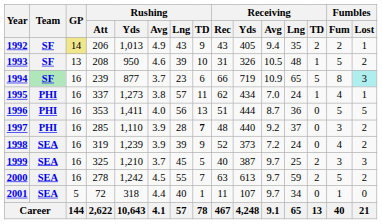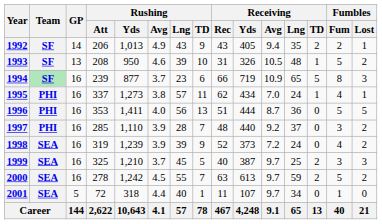 <table class="wikitable" style="text-align: center;">
 <tr>
 <th rowspan="2">Year</th>
 <th rowspan="2">Team</th>
 <th rowspan="2">GP</th>
 <th colspan="5">Rushing</th>
 <th colspan="5">Receiving</th>
 <th colspan="2">Fumbles</th>
 </tr>
 <tr>
 <th>Att</th>
 <th>Yds</th>
 <th>Avg</th>
 <th>Lng</th>
 <th>TD</th>
 <th>Rec</th>
 <th>Yds</th>
 <th>Avg</th>
 <th>Lng</th>
 <th>TD</th>
 <th>Fum</th>
 <th>Lost</th>
 </tr>
 <tr>
 <th><a href='#'>1992</a></th>
 <th><a href='#'>SF</a></th>
-<td style="background: khaki;">14</td>
+<td>14</td>
 <td>206</td>
 <td>1,013</td>
 <td>4.9</td>
 <td>43</td>
 <td>9</td>
 <td>43</td>
 <td>405</td>
 <td>9.4</td>
 <td>35</td>
 <td>2</td>
 <td>2</td>
 <td>1</td>
 </tr>
 <tr>
 <th><a href='#'>1993</a></th>
 <th><a href='#'>SF</a></th>
 <td>13</td>
 <td>208</td>
 <td>950</td>
 <td>4.6</td>
 <td>39</td>
 <td>10</td>
 <td>31</td>
 <td>326</td>
 <td>10.5</td>
 <td>48</td>
 <td>1</td>
 <td>5</td>
 <td>2</td>
 </tr>
 <tr>
 <th><a href='#'>1994</a></th>
 <th style="background:#afe6ba; width:3em;"><a href='#'>SF</a></th>
 <td>16</td>
 <td>239</td>
 <td>877</td>
 <td>3.7</td>
 <td>23</td>
 <td>6</td>
 <td>66</td>
 <td>719</td>
 <td>10.9</td>
 <td>65</td>
 <td>5</td>
 <td>8</td>
-<td style="background: paleturquoise;">3</td>
+<td>3</td>
 </tr>
 <tr>
 <th><a href='#'>1995</a></th>
 <th><a href='#'>PHI</a></th>
 <td>16</td>
 <td>337</td>
 <td>1,273</td>
 <td>3.8</td>
 <td>57</td>
 <td>11</td>
 <td>62</td>
 <td>434</td>
 <td>7.0</td>
 <td>24</td>
 <td>1</td>
 <td>4</td>
 <td>1</td>
 </tr>
 <tr>
 <th><a href='#'>1996</a></th>
 <th><a href='#'>PHI</a></th>
 <td>16</td>
 <td>353</td>
 <td>1,411</td>
 <td>4.0</td>
 <td>56</td>
 <td>13</td>
 <td>51</td>
 <td>444</td>
 <td>8.7</td>
 <td>36</td>
 <td>0</td>
 <td>5</td>
 <td>5</td>
 </tr>
 <tr>
 <th><a href='#'>1997</a></th>
 <th><a href='#'>PHI</a></th>
 <td>16</td>
 <td>285</td>
 <td>1,110</td>
 <td>3.9</td>
 <td>28</td>
-<td><strong>7</strong></td>
+<td>7</td>
 <td>48</td>
 <td>440</td>
 <td>9.2</td>
 <td>37</td>
 <td>0</td>
 <td>3</td>
 <td>2</td>
 </tr>
 <tr>
 <th><a href='#'>1998</a></th>
 <th><a href='#'>SEA</a></th>
 <td>16</td>
 <td>319</td>
 <td>1,239</td>
 <td>3.9</td>
 <td>39</td>
 <td>9</td>
 <td>52</td>
 <td>373</td>
 <td>7.2</td>
 <td>24</td>
 <td>0</td>
 <td>4</td>
 <td>2</td>
 </tr>
 <tr>
 <th><a href='#'>1999</a></th>
 <th><a href='#'>SEA</a></th>
 <td>16</td>
 <td>325</td>
 <td>1,210</td>
 <td>3.7</td>
 <td>45</td>
 <td>5</td>
 <td>40</td>
 <td>387</td>
 <td>9.7</td>
 <td>25</td>
 <td>2</td>
 <td>3</td>
 <td>3</td>
 </tr>
 <tr>
 <th><a href='#'>2000</a></th>
 <th><a href='#'>SEA</a></th>
 <td>16</td>
 <td>278</td>
 <td>1,242</td>
 <td>4.5</td>
 <td>55</td>
 <td>7</td>
 <td>63</td>
 <td>613</td>
 <td>9.7</td>
 <td>59</td>
 <td>2</td>
 <td>5</td>
 <td>2</td>
 </tr>
 <tr>
 <th><a href='#'>2001</a></th>
 <th><a href='#'>SEA</a></th>
 <td>5</td>
 <td>72</td>
 <td>318</td>
 <td>4.4</td>
 <td>40</td>
 <td>1</td>
 <td>11</td>
 <td>107</td>
 <td>9.7</td>
 <td>34</td>
 <td>0</td>
 <td>1</td>
 <td>0</td>
 </tr>
 <tr>
 <th colspan="2">Career</th>
 <th>144</th>
 <th>2,622</th>
 <th>10,643</th>
 <th>4.1</th>
 <th>57</th>
 <th>78</th>
 <th>467</th>
 <th>4,248</th>
 <th>9.1</th>
 <th>65</th>
 <th>13</th>
 <th>40</th>
 <th>21</th>
 </tr>
 </table>
